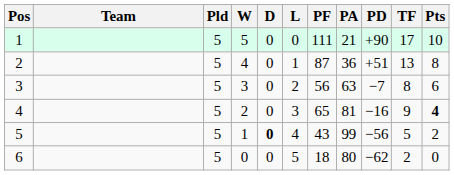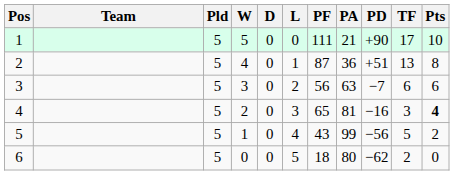 <table class="wikitable" style="text-align:center">
 <tr>
 <th width=20 abbr="Position">Pos</th>
 <th width=175>Team</th>
 <th width=20 abbr="Played">Pld</th>
 <th width=20 abbr="Won">W</th>
 <th width=20 abbr="Drawn">D</th>
 <th width=20 abbr="Lost">L</th>
 <th width=20 abbr="Points for">PF</th>
 <th width=20 abbr="Points against">PA</th>
 <th width=25 abbr="Points difference">PD</th>
 <th width=25 abbr="Tries for">TF</th>
 <th width=20 abbr="Points">Pts</th>
 </tr>
 <tr style="background:#d8ffeb">
 <td>1</td>
 <td style="text-align:left"></td>
 <td>5</td>
 <td>5</td>
 <td>0</td>
 <td>0</td>
 <td>111</td>
 <td>21</td>
 <td>+90</td>
 <td>17</td>
 <td>10</td>
 </tr>
 <tr>
 <td>2</td>
 <td style="text-align:left"></td>
 <td>5</td>
 <td>4</td>
 <td>0</td>
 <td>1</td>
 <td>87</td>
 <td>36</td>
 <td>+51</td>
 <td>13</td>
 <td>8</td>
 </tr>
 <tr>
 <td>3</td>
 <td style="text-align:left"></td>
 <td>5</td>
 <td>3</td>
 <td>0</td>
 <td>2</td>
 <td>56</td>
 <td>63</td>
 <td>−7</td>
-<td>8</td>
+<td>6</td>
 <td>6</td>
 </tr>
 <tr>
 <td>4</td>
 <td style="text-align:left"></td>
 <td>5</td>
 <td>2</td>
 <td>0</td>
 <td>3</td>
 <td>65</td>
 <td>81</td>
 <td>−16</td>
-<td>9</td>
+<td>3</td>
 <td><strong>4</strong></td>
 </tr>
 <tr>
 <td>5</td>
 <td style="text-align:left"></td>
 <td>5</td>
 <td>1</td>
-<td><strong>0</strong></td>
+<td>0</td>
 <td>4</td>
 <td>43</td>
 <td>99</td>
 <td>−56</td>
 <td>5</td>
 <td>2</td>
 </tr>
 <tr>
 <td>6</td>
 <td style="text-align:left"></td>
 <td>5</td>
 <td>0</td>
 <td>0</td>
 <td>5</td>
 <td>18</td>
 <td>80</td>
 <td>−62</td>
 <td>2</td>
 <td>0</td>
 </tr>
 </table>
